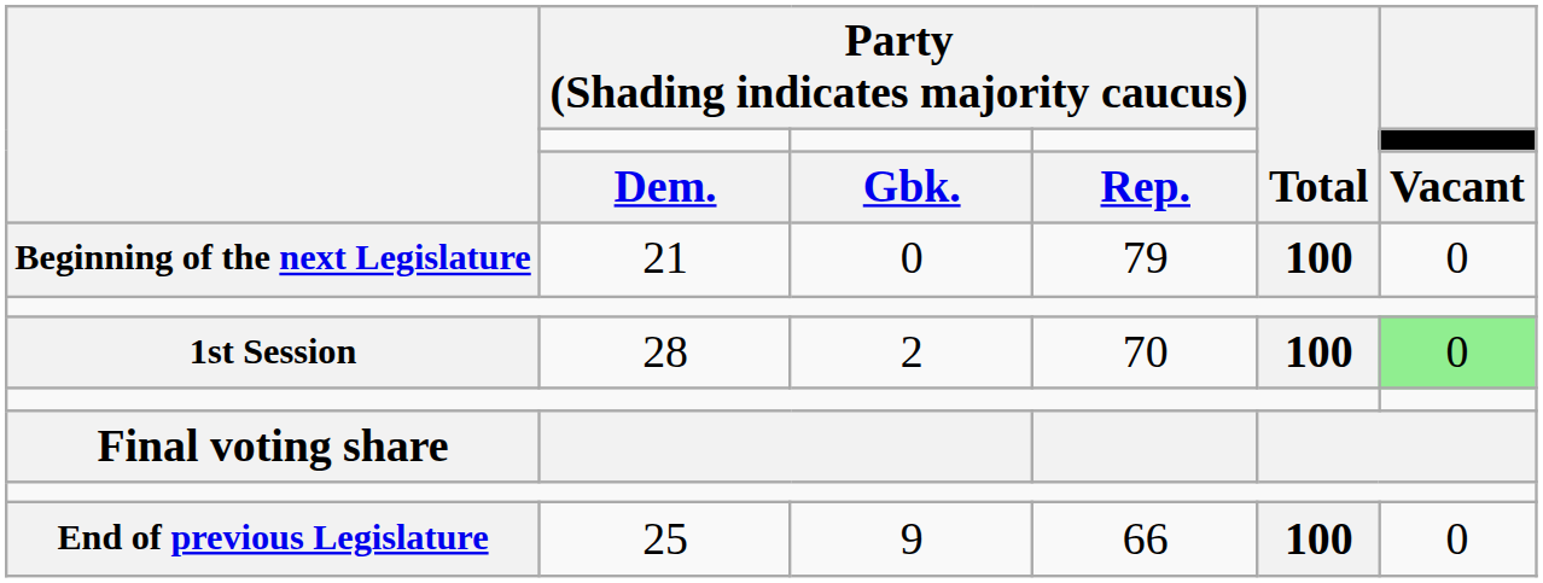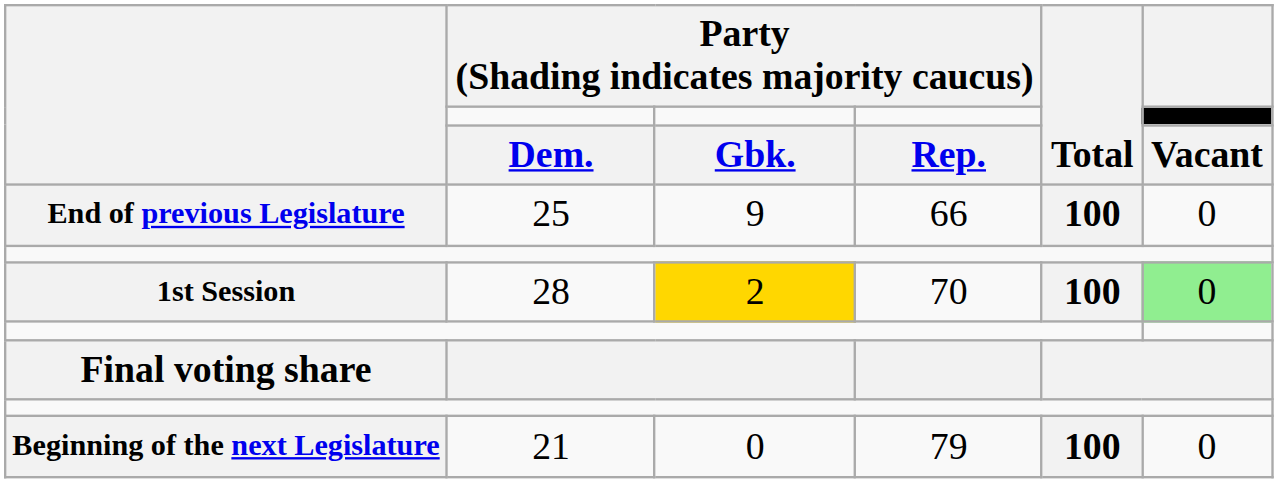 <table class=wikitable style="text-align:center">
 <tr style="vertical-align:bottom;">
 <th rowspan=3></th>
 <th colspan=3>Party <div>(Shading indicates majority caucus)</div></th>
 <th rowspan=3>Total</th>
 <th></th>
 </tr>
 <tr style="height:5px">
 <td style="background-color:"></td>
 <td style="background-color:"></td>
 <td style="background-color:"></td>
 <td style="background:black;"></td>
 </tr>
 <tr>
 <th><a href='#'>Dem.</a></th>
 <th><a href='#'>Gbk.</a></th>
 <th><a href='#'>Rep.</a></th>
 <th>Vacant</th>
 </tr>
 <tr>
-<th style="font-size:80%;">Beginning of the <a href='#'>next Legislature</a></th>
-<td>21</td>
-<td>0</td>
-<td>79</td>
+<th style="font-size:80%;">End of <a href='#'>previous Legislature</a></th>
+<td>25</td>
+<td>9</td>
+<td>66</td>
 <th>100</th>
 <td>0</td>
 </tr>
 <tr>
 <td colspan=6></td>
 </tr>
 <tr>
 <th style="font-size:80%;">1st Session</th>
 <td>28</td>
-<td>2</td>
+<td style="background: gold;">2</td>
 <td>70</td>
 <th>100</th>
 <td style="background: lightgreen;">0</td>
 </tr>
 <tr>
 <td colspan=5></td>
 </tr>
 <tr>
 <th>Final voting share</th>
 <th colspan=2></th>
 <th></th>
 <th colspan=2></th>
 </tr>
 <tr>
 <td colspan=6></td>
 </tr>
 <tr>
-<th style="font-size:80%;">End of <a href='#'>previous Legislature</a></th>
-<td>25</td>
-<td>9</td>
-<td>66</td>
+<th style="font-size:80%;">Beginning of the <a href='#'>next Legislature</a></th>
+<td>21</td>
+<td>0</td>
+<td>79</td>
 <th>100</th>
 <td>0</td>
 </tr>
 </table>
